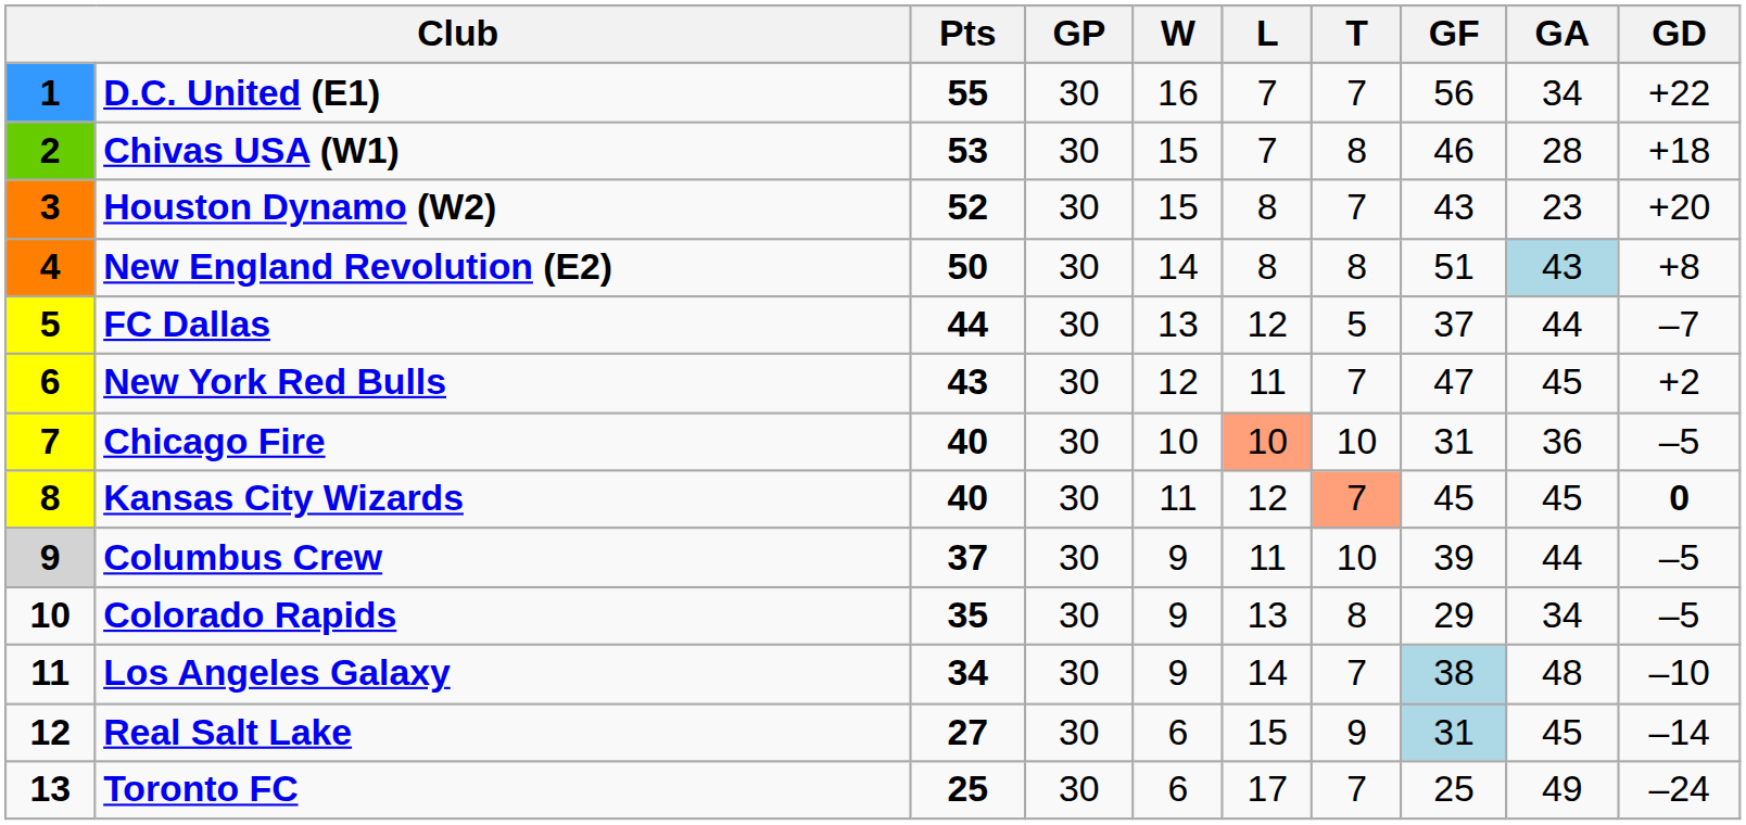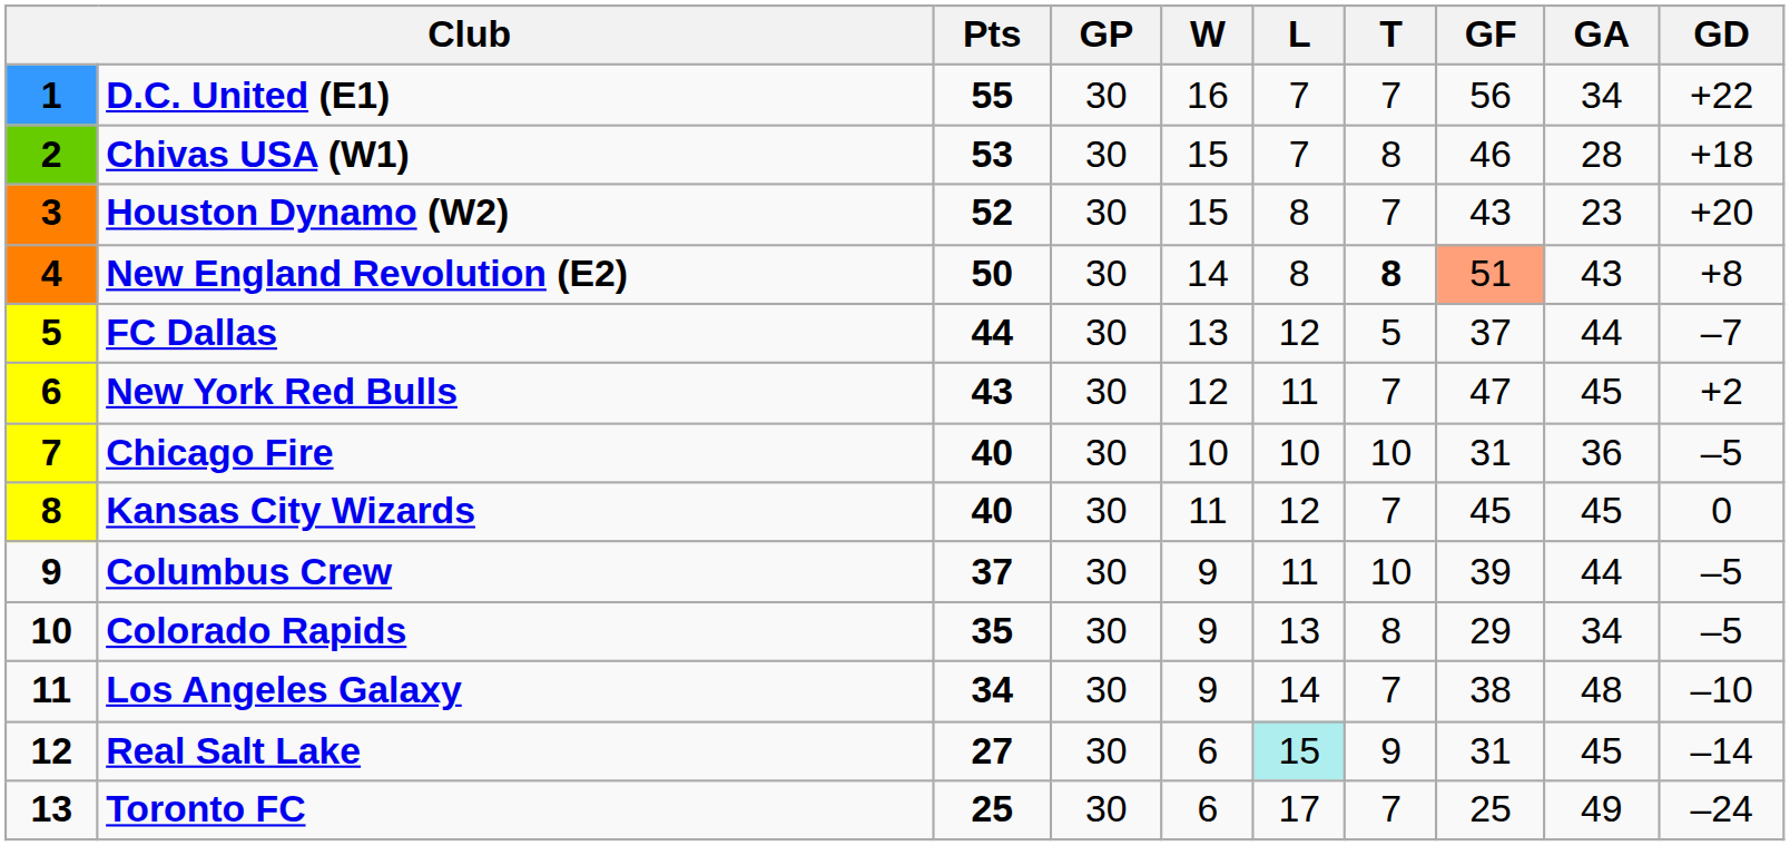 <table class="wikitable" width=60%>
 <tr>
 <th colspan="2">Club</th>
 <th>Pts</th>
 <th>GP</th>
 <th>W</th>
 <th>L</th>
 <th>T</th>
 <th>GF</th>
 <th>GA</th>
 <th>GD</th>
 </tr>
 <tr>
 <td bgcolor=#3399FF align=center><strong>1</strong></td>
 <td><strong><a href='#'>D.C. United</a> (E1)</strong></td>
 <td align=center><strong>55</strong></td>
 <td align=center>30</td>
 <td align=center>16</td>
 <td align=center>7</td>
 <td align=center>7</td>
 <td align=center>56</td>
 <td align=center>34</td>
 <td align=center>+22</td>
 </tr>
 <tr>
 <td bgcolor=#66CC00 align=center><strong>2</strong></td>
 <td><strong><a href='#'>Chivas USA</a> (W1)</strong></td>
 <td align=center><strong>53</strong></td>
 <td align=center>30</td>
 <td align=center>15</td>
 <td align=center>7</td>
 <td align=center>8</td>
 <td align=center>46</td>
 <td align=center>28</td>
 <td align=center>+18</td>
 </tr>
 <tr>
 <td bgcolor=#FF7F00 align=center><strong>3</strong></td>
 <td><strong><a href='#'>Houston Dynamo</a></strong> <strong>(W2)</strong></td>
 <td align=center><strong>52</strong></td>
 <td align=center>30</td>
 <td align=center>15</td>
 <td align=center>8</td>
 <td align=center>7</td>
 <td align=center>43</td>
 <td align=center>23</td>
 <td align=center>+20</td>
 </tr>
 <tr>
 <td bgcolor=#FF7F00 align=center><strong>4</strong></td>
 <td><strong><a href='#'>New England Revolution</a></strong> <strong>(E2)</strong></td>
 <td align=center><strong>50</strong></td>
 <td align=center>30</td>
 <td align=center>14</td>
 <td align=center>8</td>
-<td align=center>8</td>
-<td align=center>51</td>
-<td align=center style="background: lightblue;">43</td>
+<td align=center><strong>8</strong></td>
+<td align=center style="background: lightsalmon;">51</td>
+<td align=center>43</td>
 <td align=center>+8</td>
 </tr>
 <tr>
 <td bgcolor=#FFFF00 align=center><strong>5</strong></td>
 <td><strong><a href='#'>FC Dallas</a></strong></td>
 <td align=center><strong>44</strong></td>
 <td align=center>30</td>
 <td align=center>13</td>
 <td align=center>12</td>
 <td align=center>5</td>
 <td align=center>37</td>
 <td align=center>44</td>
 <td align=center>–7</td>
 </tr>
 <tr>
 <td bgcolor=#FFFF00 align=center><strong>6</strong></td>
 <td><strong><a href='#'>New York Red Bulls</a></strong></td>
 <td align=center><strong>43</strong></td>
 <td align=center>30</td>
 <td align=center>12</td>
 <td align=center>11</td>
 <td align=center>7</td>
 <td align=center>47</td>
 <td align=center>45</td>
 <td align=center>+2</td>
 </tr>
 <tr>
 <td bgcolor=#FFFF00 align=center><strong>7</strong></td>
 <td><strong><a href='#'>Chicago Fire</a></strong></td>
 <td align=center><strong>40</strong></td>
 <td align=center>30</td>
 <td align=center>10</td>
-<td align=center style="background: lightsalmon;">10</td>
+<td align=center>10</td>
 <td align=center>10</td>
 <td align=center>31</td>
 <td align=center>36</td>
 <td align=center>–5</td>
 </tr>
 <tr>
 <td bgcolor=#FFFF00 align=center><strong>8</strong></td>
 <td><strong><a href='#'>Kansas City Wizards</a></strong></td>
 <td align=center><strong>40</strong></td>
 <td align=center>30</td>
 <td align=center>11</td>
 <td align=center>12</td>
-<td align=center style="background: lightsalmon;">7</td>
+<td align=center>7</td>
 <td align=center>45</td>
 <td align=center>45</td>
-<td align=center><strong>0</strong></td>
+<td align=center>0</td>
 </tr>
 <tr>
-<td align=center style="background: lightgrey;"><strong>9</strong></td>
+<td align=center><strong>9</strong></td>
 <td><strong><a href='#'>Columbus Crew</a></strong></td>
 <td align=center><strong>37</strong></td>
 <td align=center>30</td>
 <td align=center>9</td>
 <td align=center>11</td>
 <td align=center>10</td>
 <td align=center>39</td>
 <td align=center>44</td>
 <td align=center>–5</td>
 </tr>
 <tr>
 <td align=center><strong>10</strong></td>
 <td><strong><a href='#'>Colorado Rapids</a></strong></td>
 <td align=center><strong>35</strong></td>
 <td align=center>30</td>
 <td align=center>9</td>
 <td align=center>13</td>
 <td align=center>8</td>
 <td align=center>29</td>
 <td align=center>34</td>
 <td align=center>–5</td>
 </tr>
 <tr>
 <td align=center><strong>11</strong></td>
 <td><strong><a href='#'>Los Angeles Galaxy</a></strong></td>
 <td align=center><strong>34</strong></td>
 <td align=center>30</td>
 <td align=center>9</td>
 <td align=center>14</td>
 <td align=center>7</td>
-<td align=center style="background: lightblue;">38</td>
+<td align=center>38</td>
 <td align=center>48</td>
 <td align=center>–10</td>
 </tr>
 <tr>
 <td align=center><strong>12</strong></td>
 <td><strong><a href='#'>Real Salt Lake</a></strong></td>
 <td align=center><strong>27</strong></td>
 <td align=center>30</td>
 <td align=center>6</td>
-<td align=center>15</td>
+<td align=center style="background: paleturquoise;">15</td>
 <td align=center>9</td>
-<td align=center style="background: lightblue;">31</td>
+<td align=center>31</td>
 <td align=center>45</td>
 <td align=center>–14</td>
 </tr>
 <tr>
 <td align=center><strong>13</strong></td>
 <td><strong><a href='#'>Toronto FC</a></strong></td>
 <td align=center><strong>25</strong></td>
 <td align=center>30</td>
 <td align=center>6</td>
 <td align=center>17</td>
 <td align=center>7</td>
 <td align=center>25</td>
 <td align=center>49</td>
 <td align=center>–24</td>
 </tr>
 </table>
